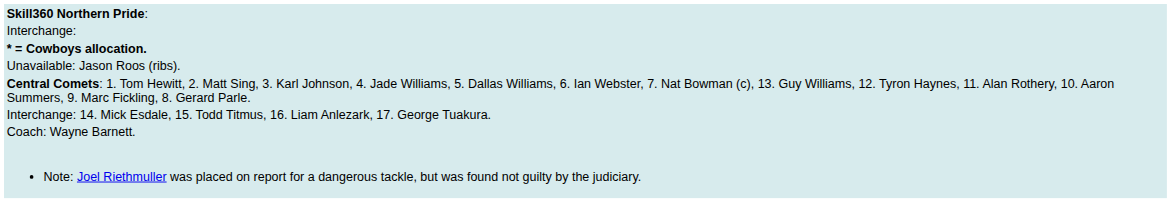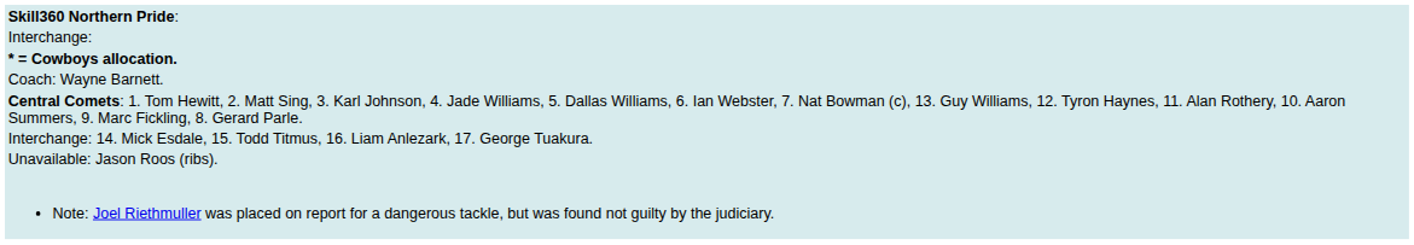 <table style="background:#d7ebed; font-size:85%; width:100%;">
 <tr>
 <td><strong>Skill360 Northern Pride</strong>:             </td>
 </tr>
 <tr>
 <td>Interchange:    </td>
 </tr>
 <tr>
 <td><strong>* = Cowboys allocation.</strong></td>
 </tr>
 <tr>
-<td>Unavailable: Jason Roos (ribs).</td>
+<td>Coach: Wayne Barnett.</td>
 </tr>
 <tr>
 <td><strong>Central Comets</strong>: 1. Tom Hewitt, 2. Matt Sing, 3. Karl Johnson, 4. Jade Williams, 5. Dallas Williams, 6. Ian Webster, 7. Nat Bowman (c), 13. Guy Williams, 12. Tyron Haynes, 11. Alan Rothery, 10. Aaron Summers, 9. Marc Fickling, 8. Gerard Parle.</td>
 </tr>
 <tr>
 <td>Interchange: 14. Mick Esdale, 15. Todd Titmus, 16. Liam Anlezark, 17. George Tuakura.</td>
 </tr>
 <tr>
-<td>Coach: Wayne Barnett.</td>
+<td>Unavailable: Jason Roos (ribs).</td>
 </tr>
 <tr>
 <td><br><ul><li>Note: <a href='#'>Joel Riethmuller</a> was placed on report for a dangerous tackle, but was found not guilty by the judiciary.</li></ul></td>
 </tr>
 </table>
